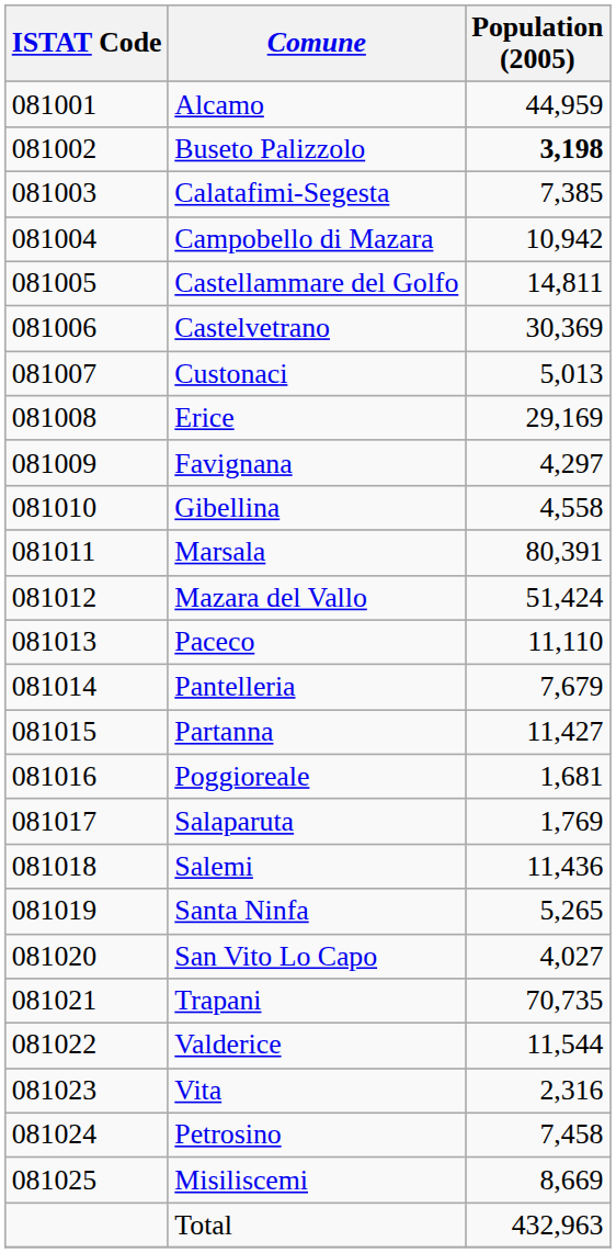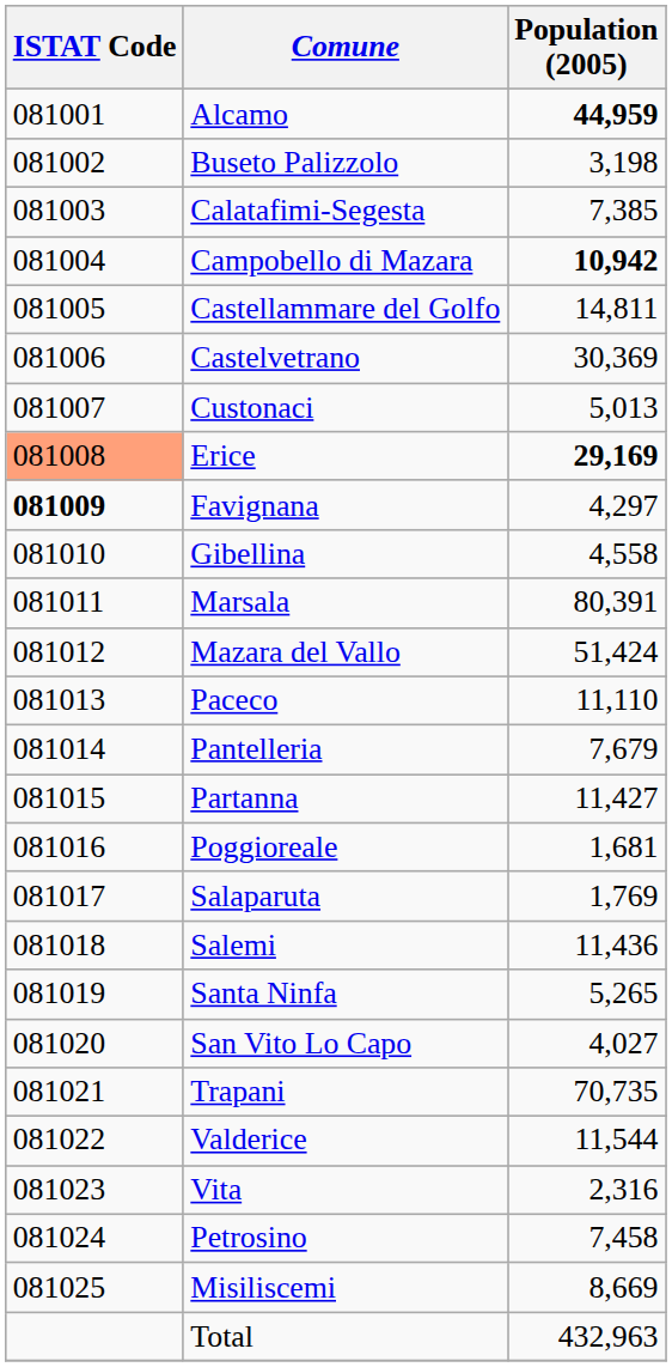 <table class="wikitable sortable">
 <tr>
 <th><a href='#'>ISTAT</a> Code</th>
 <th><em><a href='#'>Comune</a></em></th>
 <th>Population <br>(2005)</th>
 </tr>
 <tr>
 <td>081001</td>
 <td><a href='#'>Alcamo</a></td>
-<td align="right">44,959</td>
+<td align="right"><strong>44,959</strong></td>
 </tr>
 <tr>
 <td>081002</td>
 <td><a href='#'>Buseto Palizzolo</a></td>
-<td align="right"><strong>3,198</strong></td>
+<td align="right">3,198</td>
 </tr>
 <tr>
 <td>081003</td>
 <td><a href='#'>Calatafimi-Segesta</a></td>
 <td align="right">7,385</td>
 </tr>
 <tr>
 <td>081004</td>
 <td><a href='#'>Campobello di Mazara</a></td>
-<td align="right">10,942</td>
+<td align="right"><strong>10,942</strong></td>
 </tr>
 <tr>
 <td>081005</td>
 <td><a href='#'>Castellammare del Golfo</a></td>
 <td align="right">14,811</td>
 </tr>
 <tr>
 <td>081006</td>
 <td><a href='#'>Castelvetrano</a></td>
 <td align="right">30,369</td>
 </tr>
 <tr>
 <td>081007</td>
 <td><a href='#'>Custonaci</a></td>
 <td align="right">5,013</td>
 </tr>
 <tr>
-<td>081008</td>
+<td style="background: lightsalmon;">081008</td>
 <td><a href='#'>Erice</a></td>
-<td align="right">29,169</td>
+<td align="right"><strong>29,169</strong></td>
 </tr>
 <tr>
-<td>081009</td>
+<td><strong>081009</strong></td>
 <td><a href='#'>Favignana</a></td>
 <td align="right">4,297</td>
 </tr>
 <tr>
 <td>081010</td>
 <td><a href='#'>Gibellina</a></td>
 <td align="right">4,558</td>
 </tr>
 <tr>
 <td>081011</td>
 <td><a href='#'>Marsala</a></td>
 <td align="right">80,391</td>
 </tr>
 <tr>
 <td>081012</td>
 <td><a href='#'>Mazara del Vallo</a></td>
 <td align="right">51,424</td>
 </tr>
 <tr>
 <td>081013</td>
 <td><a href='#'>Paceco</a></td>
 <td align="right">11,110</td>
 </tr>
 <tr>
 <td>081014</td>
 <td><a href='#'>Pantelleria</a></td>
 <td align="right">7,679</td>
 </tr>
 <tr>
 <td>081015</td>
 <td><a href='#'>Partanna</a></td>
 <td align="right">11,427</td>
 </tr>
 <tr>
 <td>081016</td>
 <td><a href='#'>Poggioreale</a></td>
 <td align="right">1,681</td>
 </tr>
 <tr>
 <td>081017</td>
 <td><a href='#'>Salaparuta</a></td>
 <td align="right">1,769</td>
 </tr>
 <tr>
 <td>081018</td>
 <td><a href='#'>Salemi</a></td>
 <td align="right">11,436</td>
 </tr>
 <tr>
 <td>081019</td>
 <td><a href='#'>Santa Ninfa</a></td>
 <td align="right">5,265</td>
 </tr>
 <tr>
 <td>081020</td>
 <td><a href='#'>San Vito Lo Capo</a></td>
 <td align="right">4,027</td>
 </tr>
 <tr>
 <td>081021</td>
 <td><a href='#'>Trapani</a></td>
 <td align="right">70,735</td>
 </tr>
 <tr>
 <td>081022</td>
 <td><a href='#'>Valderice</a></td>
 <td align="right">11,544</td>
 </tr>
 <tr>
 <td>081023</td>
 <td><a href='#'>Vita</a></td>
 <td align="right">2,316</td>
 </tr>
 <tr>
 <td>081024</td>
 <td><a href='#'>Petrosino</a></td>
 <td align="right">7,458</td>
 </tr>
 <tr>
 <td>081025</td>
 <td><a href='#'>Misiliscemi</a></td>
 <td align="right">8,669</td>
 </tr>
 <tr>
 <td></td>
 <td>Total</td>
 <td align="right">432,963</td>
 </tr>
 <tr>
 </tr>
 </table>
